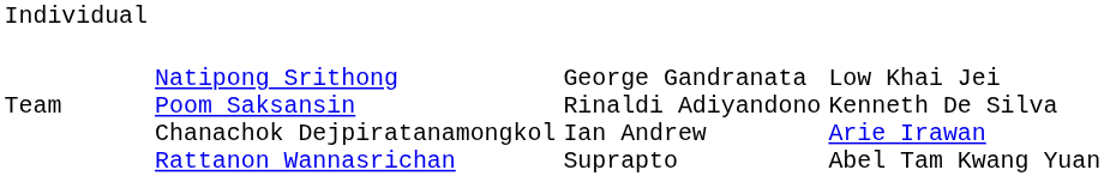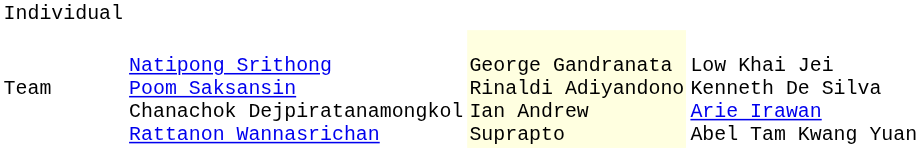 <table>
 <tr>
 <td>Individual</td>
 <td></td>
 <td></td>
 <td></td>
 </tr>
 <tr>
 <td>Team</td>
 <td nowrap><br><a href='#'>Natipong Srithong</a><br><a href='#'>Poom Saksansin</a><br>Chanachok Dejpiratanamongkol<br><a href='#'>Rattanon Wannasrichan</a></td>
-<td nowrap><br>George Gandranata<br>Rinaldi Adiyandono<br>Ian Andrew<br>Suprapto</td>
+<td nowrap style="background: lightyellow;"><br>George Gandranata<br>Rinaldi Adiyandono<br>Ian Andrew<br>Suprapto</td>
 <td nowrap><br>Low Khai Jei<br>Kenneth De Silva<br><a href='#'>Arie Irawan</a><br>Abel Tam Kwang Yuan</td>
 </tr>
 </table>
